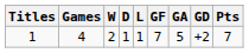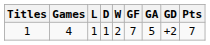 <table class="wikitable" style="text-align: center">
 <tr>
 <th scope="col">Titles</th>
 <th scope="col">Games</th>
+<th scope="col">L</th>
+<th scope="col">D</th>
 <th scope="col">W</th>
-<th scope="col">D</th>
-<th scope="col">L</th>
 <th scope="col">GF</th>
 <th scope="col">GA</th>
 <th scope="col">GD</th>
 <th scope="col">Pts</th>
 </tr>
 <tr>
 <td>1</td>
 <td>4</td>
-<td>2</td>
 <td>1</td>
 <td>1</td>
+<td>2</td>
 <td>7</td>
 <td>5</td>
 <td>+2</td>
 <td>7</td>
 </tr>
 </table>
